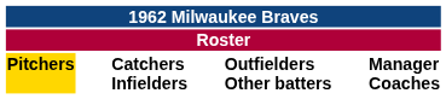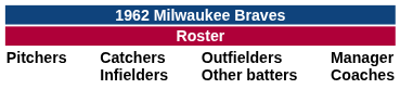 <table class="toccolours" style="font-size: 95%;">
 <tr>
 <th colspan="10" style="background-color: #0f437c; color: white; text-align: center;">1962 Milwaukee Braves</th>
 </tr>
 <tr>
 <td colspan="10" style="background-color:#af0039; color: white; text-align: center;"><strong>Roster</strong></td>
 </tr>
 <tr>
-<td valign="top" style="background: gold;"><strong>Pitchers</strong><br>               </td>
+<td valign="top"><strong>Pitchers</strong><br>               </td>
 <td width="25px"></td>
 <td valign="top"><strong>Catchers</strong><br>   <strong>Infielders</strong>        </td>
 <td width="25px"></td>
 <td valign="top"><strong>Outfielders</strong><br>         <strong>Other batters</strong> </td>
 <td width="25px"></td>
 <td valign="top"><strong>Manager</strong><br> <strong>Coaches</strong>    </td>
 </tr>
 </table>
